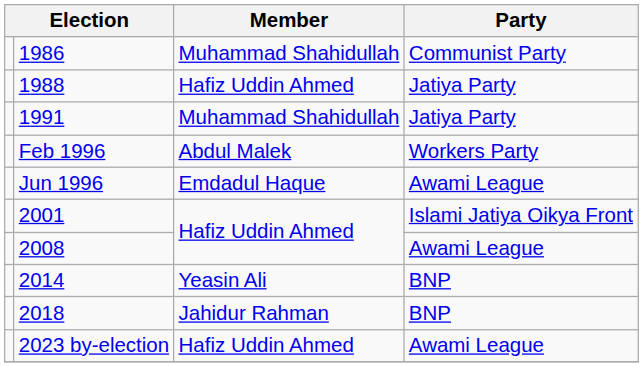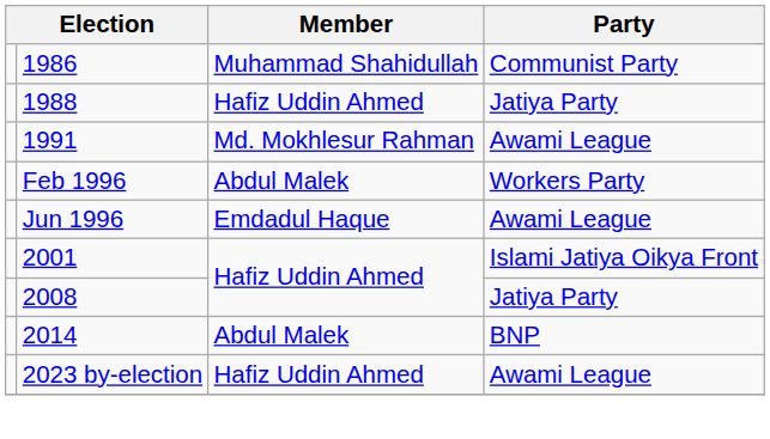 <table class="wikitable">
 <tr>
 <th colspan="2">Election</th>
 <th>Member</th>
 <th>Party</th>
 </tr>
 <tr>
 <td style="background-color:"></td>
 <td><a href='#'>1986</a></td>
 <td><a href='#'>Muhammad Shahidullah</a></td>
 <td><a href='#'>Communist Party</a></td>
 </tr>
 <tr>
 <td style="background-color:"></td>
 <td><a href='#'>1988</a></td>
 <td><a href='#'>Hafiz Uddin Ahmed</a></td>
 <td><a href='#'>Jatiya Party</a></td>
 </tr>
 <tr>
 <td style="background-color:"></td>
 <td><a href='#'>1991</a></td>
-<td><a href='#'>Muhammad Shahidullah</a></td>
-<td><a href='#'>Jatiya Party</a></td>
+<td><a href='#'>Md. Mokhlesur Rahman</a></td>
+<td><a href='#'>Awami League</a></td>
 </tr>
 <tr>
 <td style="background-color:"></td>
 <td><a href='#'>Feb 1996</a></td>
 <td><a href='#'>Abdul Malek</a></td>
 <td><a href='#'>Workers Party</a></td>
 </tr>
 <tr>
 <td style="background-color:"></td>
 <td><a href='#'>Jun 1996</a></td>
 <td><a href='#'>Emdadul Haque</a></td>
 <td><a href='#'>Awami League</a></td>
 </tr>
 <tr>
 <td style="background-color:"></td>
 <td><a href='#'>2001</a></td>
 <td rowspan="2"><a href='#'>Hafiz Uddin Ahmed</a></td>
 <td><a href='#'>Islami Jatiya Oikya Front</a></td>
 </tr>
 <tr>
 <td style="background-color:"></td>
 <td><a href='#'>2008</a></td>
-<td><a href='#'>Awami League</a></td>
+<td><a href='#'>Jatiya Party</a></td>
 </tr>
 <tr>
 <td style="background-color:"></td>
 <td><a href='#'>2014</a></td>
-<td><a href='#'>Yeasin Ali</a></td>
-<td><a href='#'>BNP</a></td>
-</tr>
-<tr>
-<td style="background-color:"></td>
-<td><a href='#'>2018</a></td>
-<td><a href='#'>Jahidur Rahman</a></td>
+<td><a href='#'>Abdul Malek</a></td>
 <td><a href='#'>BNP</a></td>
 </tr>
 <tr>
 <td style="background-color:"></td>
 <td><a href='#'>2023 by-election</a></td>
 <td><a href='#'>Hafiz Uddin Ahmed</a></td>
 <td><a href='#'>Awami League</a></td>
 </tr>
 <tr>
 </tr>
 </table>
